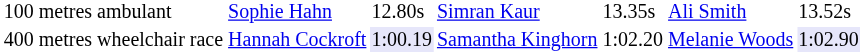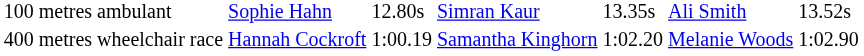 <table>
 <tr>
 <td>100 metres ambulant</td>
 <td><a href='#'>Sophie Hahn</a></td>
 <td>12.80s </td>
 <td><a href='#'>Simran Kaur</a></td>
 <td>13.35s </td>
 <td><a href='#'>Ali Smith</a></td>
 <td>13.52s </td>
 </tr>
 <tr>
 <td>400 metres wheelchair race</td>
 <td><a href='#'>Hannah Cockroft</a></td>
-<td style="background: lavender;">1:00.19</td>
+<td>1:00.19</td>
 <td><a href='#'>Samantha Kinghorn</a></td>
 <td>1:02.20</td>
 <td><a href='#'>Melanie Woods</a></td>
-<td style="background: lavender;">1:02.90 </td>
+<td>1:02.90 </td>
 </tr>
 </table>
